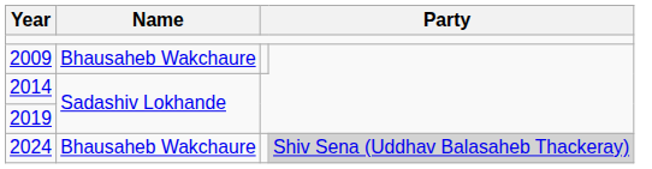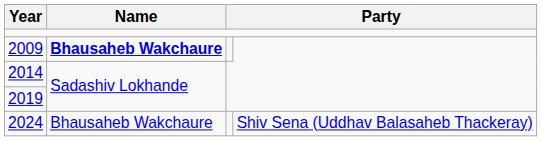 <table class="wikitable">
 <tr>
 <th>Year</th>
 <th>Name</th>
 <th colspan="2">Party</th>
 </tr>
 <tr>
 <td colspan="4"></td>
 </tr>
 <tr>
 <td><a href='#'>2009</a></td>
-<td><a href='#'>Bhausaheb Wakchaure</a></td>
+<td><strong><a href='#'>Bhausaheb Wakchaure</a></strong></td>
 <td></td>
 </tr>
 <tr>
 <td><a href='#'>2014</a></td>
 <td rowspan="2"><a href='#'>Sadashiv Lokhande</a></td>
 </tr>
 <tr>
 <td><a href='#'>2019</a></td>
 </tr>
 <tr>
 <td><a href='#'>2024</a></td>
 <td><a href='#'>Bhausaheb Wakchaure</a></td>
 <td rowspan="2" style="background-color: "></td>
-<td style="background: lightgrey;"><a href='#'>Shiv Sena (Uddhav Balasaheb Thackeray)</a></td>
+<td><a href='#'>Shiv Sena (Uddhav Balasaheb Thackeray)</a></td>
 </tr>
 </table>
